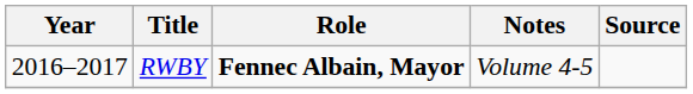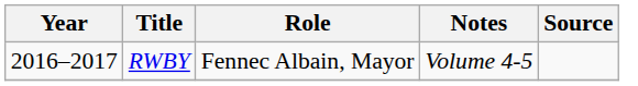 <table class="wikitable sortable plainrowheaders">
 <tr>
 <th>Year</th>
 <th>Title</th>
 <th>Role</th>
 <th class="unsortable">Notes</th>
 <th class="unsortable">Source</th>
 </tr>
 <tr>
 <td>2016–2017</td>
 <td><em><a href='#'>RWBY</a></em></td>
-<td><strong>Fennec Albain, Mayor</strong></td>
+<td>Fennec Albain, Mayor</td>
 <td><em>Volume 4-5</em></td>
 <td></td>
 </tr>
 <tr>
 </tr>
 </table>
